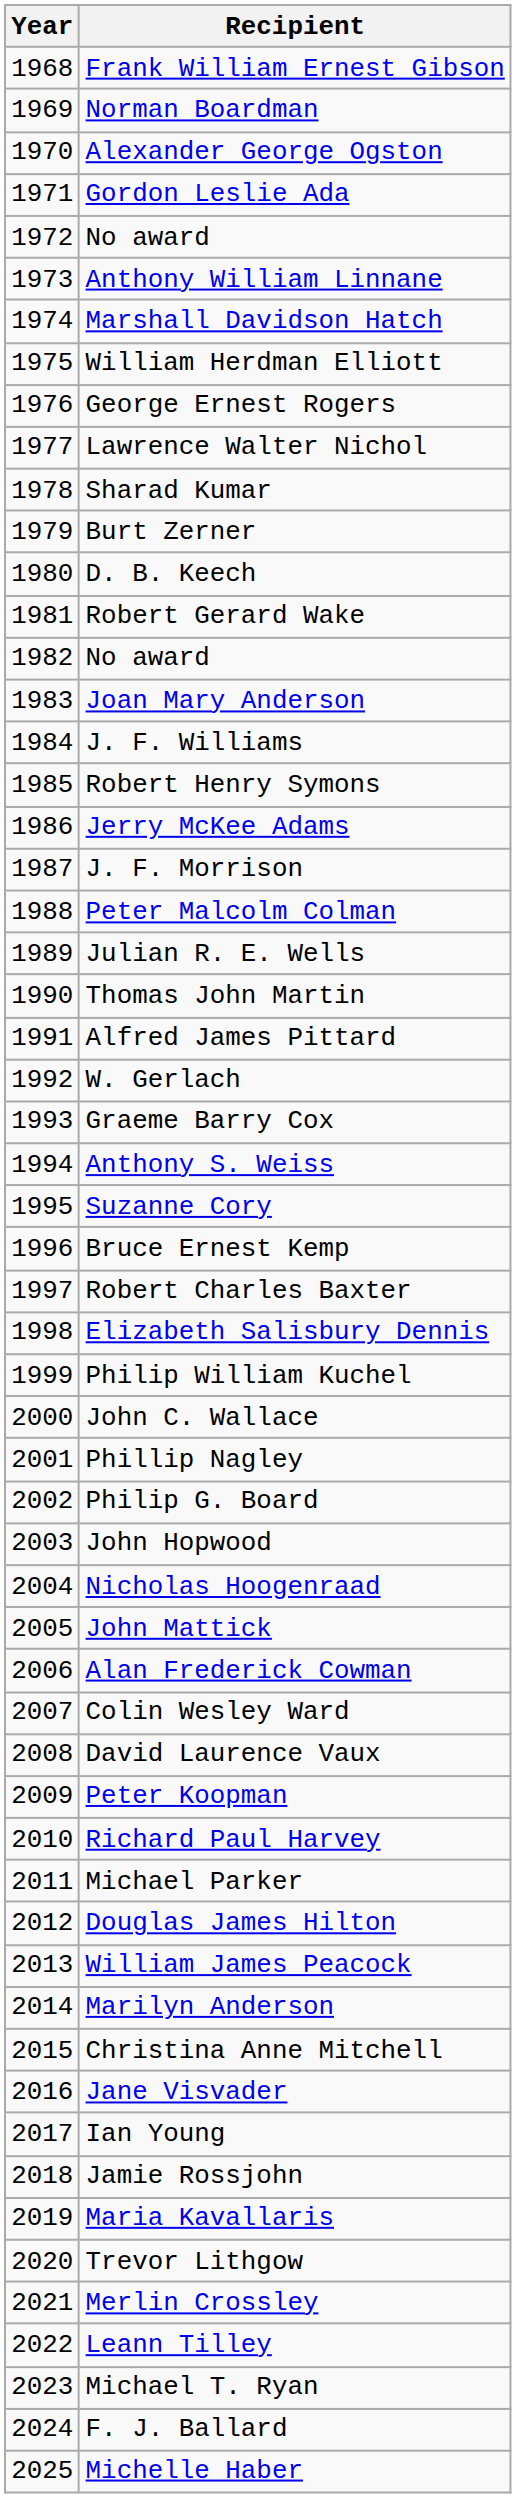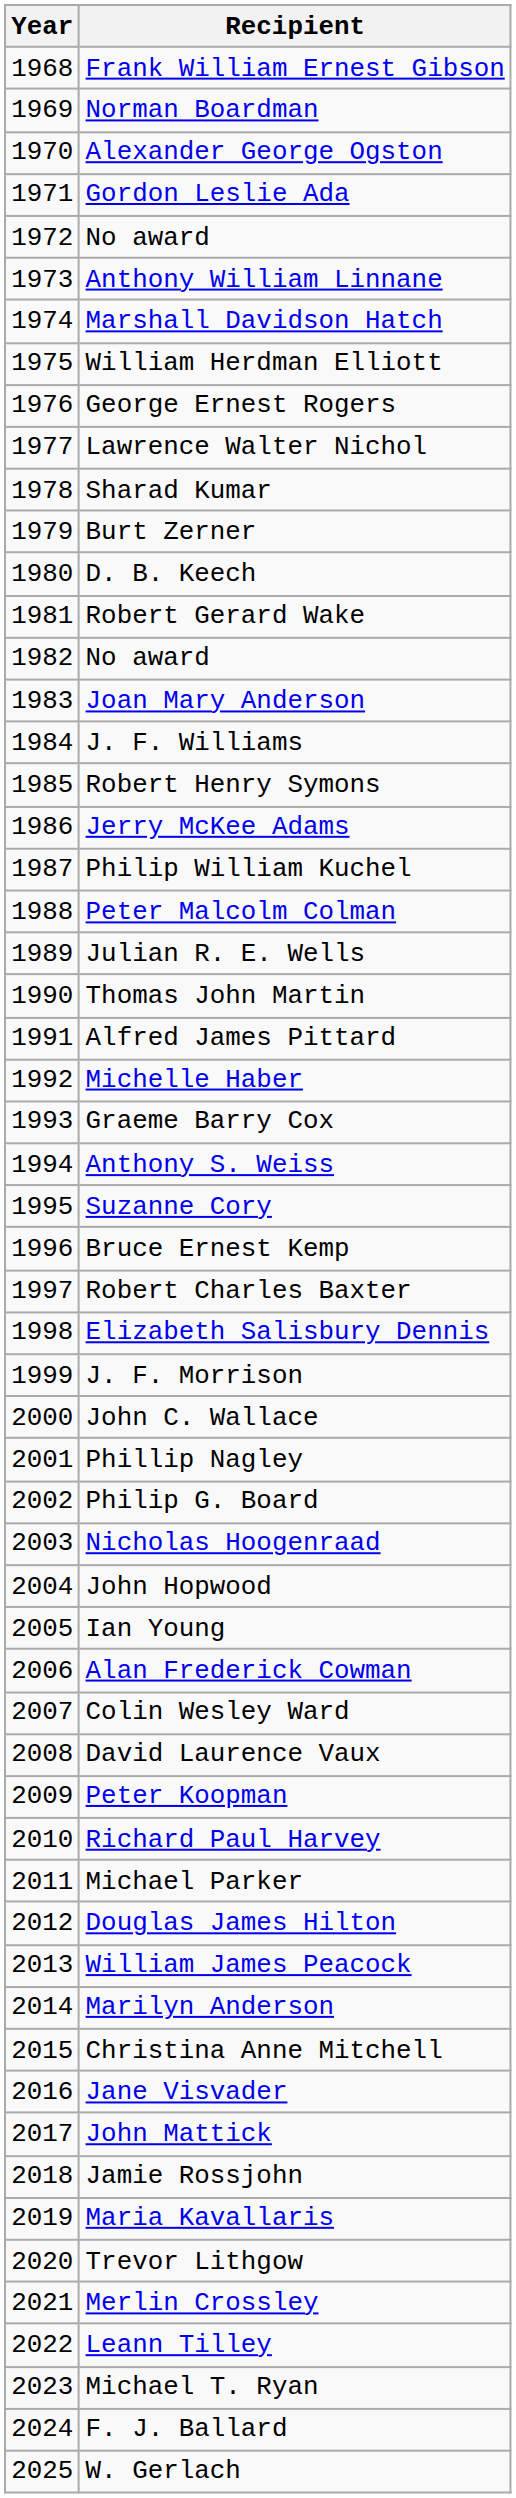 <table class="wikitable">
 <tr>
 <th>Year</th>
 <th>Recipient</th>
 </tr>
 <tr>
 <td>1968</td>
 <td><a href='#'>Frank William Ernest Gibson</a></td>
 </tr>
 <tr>
 <td>1969</td>
 <td><a href='#'>Norman Boardman</a></td>
 </tr>
 <tr>
 <td>1970</td>
 <td><a href='#'>Alexander George Ogston</a></td>
 </tr>
 <tr>
 <td>1971</td>
 <td><a href='#'>Gordon Leslie Ada</a></td>
 </tr>
 <tr>
 <td>1972</td>
 <td>No award</td>
 </tr>
 <tr>
 <td>1973</td>
 <td><a href='#'>Anthony William Linnane</a></td>
 </tr>
 <tr>
 <td>1974</td>
 <td><a href='#'>Marshall Davidson Hatch</a></td>
 </tr>
 <tr>
 <td>1975</td>
 <td>William Herdman Elliott</td>
 </tr>
 <tr>
 <td>1976</td>
 <td>George Ernest Rogers</td>
 </tr>
 <tr>
 <td>1977</td>
 <td>Lawrence Walter Nichol</td>
 </tr>
 <tr>
 <td>1978</td>
 <td>Sharad Kumar</td>
 </tr>
 <tr>
 <td>1979</td>
 <td>Burt Zerner</td>
 </tr>
 <tr>
 <td>1980</td>
 <td>D. B. Keech</td>
 </tr>
 <tr>
 <td>1981</td>
 <td>Robert Gerard Wake</td>
 </tr>
 <tr>
 <td>1982</td>
 <td>No award</td>
 </tr>
 <tr>
 <td>1983</td>
 <td><a href='#'>Joan Mary Anderson</a></td>
 </tr>
 <tr>
 <td>1984</td>
 <td>J. F. Williams</td>
 </tr>
 <tr>
 <td>1985</td>
 <td>Robert Henry Symons</td>
 </tr>
 <tr>
 <td>1986</td>
 <td><a href='#'>Jerry McKee Adams</a></td>
 </tr>
 <tr>
 <td>1987</td>
-<td>J. F. Morrison</td>
+<td>Philip William Kuchel</td>
 </tr>
 <tr>
 <td>1988</td>
 <td><a href='#'>Peter Malcolm Colman</a></td>
 </tr>
 <tr>
 <td>1989</td>
 <td>Julian R. E. Wells</td>
 </tr>
 <tr>
 <td>1990</td>
 <td>Thomas John Martin</td>
 </tr>
 <tr>
 <td>1991</td>
 <td>Alfred James Pittard</td>
 </tr>
 <tr>
 <td>1992</td>
-<td>W. Gerlach</td>
+<td><a href='#'>Michelle Haber</a></td>
 </tr>
 <tr>
 <td>1993</td>
 <td>Graeme Barry Cox</td>
 </tr>
 <tr>
 <td>1994</td>
 <td><a href='#'>Anthony S. Weiss</a></td>
 </tr>
 <tr>
 <td>1995</td>
 <td><a href='#'>Suzanne Cory</a></td>
 </tr>
 <tr>
 <td>1996</td>
 <td>Bruce Ernest Kemp</td>
 </tr>
 <tr>
 <td>1997</td>
 <td>Robert Charles Baxter</td>
 </tr>
 <tr>
 <td>1998</td>
 <td><a href='#'>Elizabeth Salisbury Dennis</a></td>
 </tr>
 <tr>
 <td>1999</td>
-<td>Philip William Kuchel</td>
+<td>J. F. Morrison</td>
 </tr>
 <tr>
 <td>2000</td>
 <td>John C. Wallace</td>
 </tr>
 <tr>
 <td>2001</td>
 <td>Phillip Nagley</td>
 </tr>
 <tr>
 <td>2002</td>
 <td>Philip G. Board</td>
 </tr>
 <tr>
 <td>2003</td>
+<td><a href='#'>Nicholas Hoogenraad</a></td>
+</tr>
+<tr>
+<td>2004</td>
 <td>John Hopwood</td>
 </tr>
 <tr>
-<td>2004</td>
-<td><a href='#'>Nicholas Hoogenraad</a></td>
-</tr>
-<tr>
 <td>2005</td>
-<td><a href='#'>John Mattick</a></td>
+<td>Ian Young</td>
 </tr>
 <tr>
 <td>2006</td>
 <td><a href='#'>Alan Frederick Cowman</a></td>
 </tr>
 <tr>
 <td>2007</td>
 <td>Colin Wesley Ward</td>
 </tr>
 <tr>
 <td>2008</td>
 <td>David Laurence Vaux</td>
 </tr>
 <tr>
 <td>2009</td>
 <td><a href='#'>Peter Koopman</a></td>
 </tr>
 <tr>
 <td>2010</td>
 <td><a href='#'>Richard Paul Harvey</a></td>
 </tr>
 <tr>
 <td>2011</td>
 <td>Michael Parker</td>
 </tr>
 <tr>
 <td>2012</td>
 <td><a href='#'>Douglas James Hilton</a></td>
 </tr>
 <tr>
 <td>2013</td>
 <td><a href='#'>William James Peacock</a></td>
 </tr>
 <tr>
 <td>2014</td>
 <td><a href='#'>Marilyn Anderson</a></td>
 </tr>
 <tr>
 <td>2015</td>
 <td>Christina Anne Mitchell</td>
 </tr>
 <tr>
 <td>2016</td>
 <td><a href='#'>Jane Visvader</a></td>
 </tr>
 <tr>
 <td>2017</td>
-<td>Ian Young</td>
+<td><a href='#'>John Mattick</a></td>
 </tr>
 <tr>
 <td>2018</td>
 <td>Jamie Rossjohn</td>
 </tr>
 <tr>
 <td>2019</td>
 <td><a href='#'>Maria Kavallaris</a></td>
 </tr>
 <tr>
 <td>2020</td>
 <td>Trevor Lithgow</td>
 </tr>
 <tr>
 <td>2021</td>
 <td><a href='#'>Merlin Crossley</a></td>
 </tr>
 <tr>
 <td>2022</td>
 <td><a href='#'>Leann Tilley</a></td>
 </tr>
 <tr>
 <td>2023</td>
 <td>Michael T. Ryan</td>
 </tr>
 <tr>
 <td>2024</td>
 <td>F. J. Ballard</td>
 </tr>
 <tr>
 <td>2025</td>
-<td><a href='#'>Michelle Haber</a></td>
+<td>W. Gerlach</td>
 </tr>
 </table>
